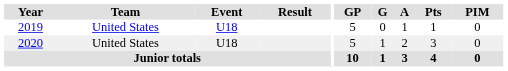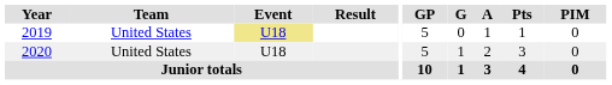 <table border="0" cellpadding="1" cellspacing="0" ID="Table3" style="text-align:center; width:40em">
 <tr ALIGN="center" bgcolor="#e0e0e0">
 <th>Year</th>
 <th>Team</th>
 <th>Event</th>
 <th>Result</th>
 <th rowspan="99" bgcolor="#ffffff"></th>
 <th>GP</th>
 <th>G</th>
 <th>A</th>
 <th>Pts</th>
 <th>PIM</th>
 </tr>
 <tr>
 <td><a href='#'>2019</a></td>
 <td><a href='#'>United States</a></td>
-<td><a href='#'>U18</a></td>
+<td style="background: khaki;"><a href='#'>U18</a></td>
 <td></td>
 <td>5</td>
 <td>0</td>
 <td>1</td>
 <td>1</td>
 <td>0</td>
 </tr>
 <tr bgcolor="#f0f0f0">
 <td><a href='#'>2020</a></td>
 <td>United States</td>
 <td>U18</td>
 <td></td>
 <td>5</td>
 <td>1</td>
 <td>2</td>
 <td>3</td>
 <td>0</td>
 </tr>
 <tr bgcolor="#e0e0e0">
 <th colspan="4">Junior totals</th>
 <th>10</th>
 <th>1</th>
 <th>3</th>
 <th>4</th>
 <th>0</th>
 </tr>
 </table>
